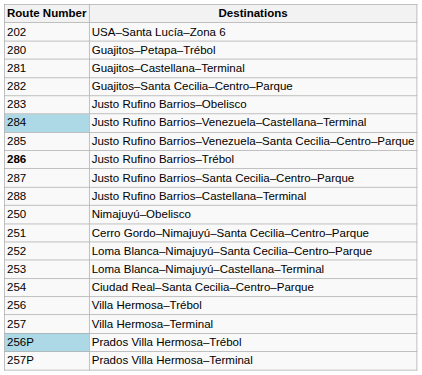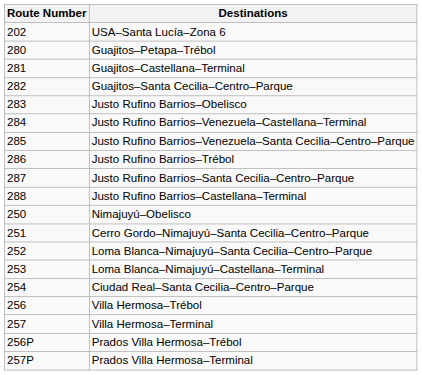 <table class="wikitable">
 <tr>
 <th>Route Number</th>
 <th>Destinations</th>
 </tr>
 <tr>
 <td>202</td>
 <td>USA–Santa Lucía–Zona 6</td>
 </tr>
 <tr>
 <td>280</td>
 <td>Guajitos–Petapa–Trébol</td>
 </tr>
 <tr>
 <td>281</td>
 <td>Guajitos–Castellana–Terminal</td>
 </tr>
 <tr>
 <td>282</td>
 <td>Guajitos–Santa Cecilia–Centro–Parque</td>
 </tr>
 <tr>
 <td>283</td>
 <td>Justo Rufino Barrios–Obelisco</td>
 </tr>
 <tr>
-<td style="background: lightblue;">284</td>
+<td>284</td>
 <td>Justo Rufino Barrios–Venezuela–Castellana–Terminal</td>
 </tr>
 <tr>
 <td>285</td>
 <td>Justo Rufino Barrios–Venezuela–Santa Cecilia–Centro–Parque</td>
 </tr>
 <tr>
-<td><strong>286</strong></td>
+<td>286</td>
 <td>Justo Rufino Barrios–Trébol</td>
 </tr>
 <tr>
 <td>287</td>
 <td>Justo Rufino Barrios–Santa Cecilia–Centro–Parque</td>
 </tr>
 <tr>
 <td>288</td>
 <td>Justo Rufino Barrios–Castellana–Terminal</td>
 </tr>
 <tr>
 <td>250</td>
 <td>Nimajuyú–Obelisco</td>
 </tr>
 <tr>
 <td>251</td>
 <td>Cerro Gordo–Nimajuyú–Santa Cecilia–Centro–Parque</td>
 </tr>
 <tr>
 <td>252</td>
 <td>Loma Blanca–Nimajuyú–Santa Cecilia–Centro–Parque</td>
 </tr>
 <tr>
 <td>253</td>
 <td>Loma Blanca–Nimajuyú–Castellana–Terminal</td>
 </tr>
 <tr>
 <td>254</td>
 <td>Ciudad Real–Santa Cecilia–Centro–Parque</td>
 </tr>
 <tr>
 <td>256</td>
 <td>Villa Hermosa–Trébol</td>
 </tr>
 <tr>
 <td>257</td>
 <td>Villa Hermosa–Terminal</td>
 </tr>
 <tr>
-<td style="background: lightblue;">256P</td>
+<td>256P</td>
 <td>Prados Villa Hermosa–Trébol</td>
 </tr>
 <tr>
 <td>257P</td>
 <td>Prados Villa Hermosa–Terminal</td>
 </tr>
 </table>
